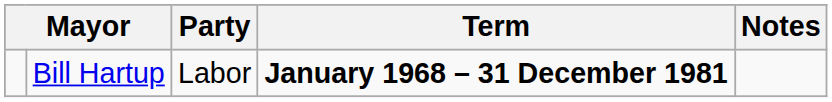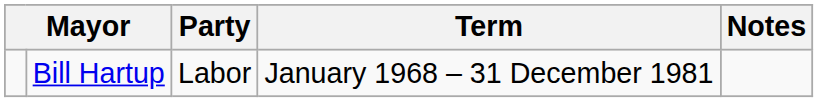 <table class="wikitable">
 <tr>
 <th colspan="2">Mayor</th>
 <th>Party</th>
 <th>Term</th>
 <th>Notes</th>
 </tr>
 <tr>
 <td> </td>
 <td><a href='#'>Bill Hartup</a></td>
 <td>Labor</td>
-<td><strong>January 1968 – 31 December 1981</strong></td>
+<td>January 1968 – 31 December 1981</td>
 <td></td>
 </tr>
 </table>
